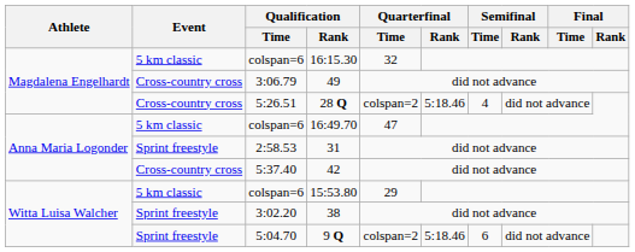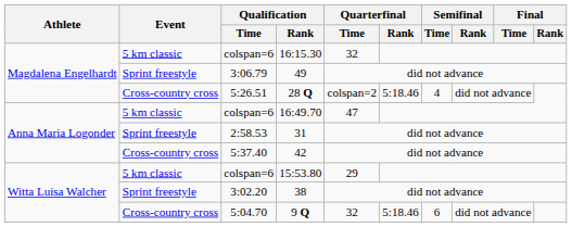 <table class="wikitable" style="font-size:90%">
 <tr>
 <th rowspan="2">Athlete</th>
 <th rowspan="2">Event</th>
 <th colspan="2">Qualification</th>
 <th colspan="2">Quarterfinal</th>
 <th colspan="2">Semifinal</th>
 <th colspan="2">Final</th>
 </tr>
 <tr style="font-size:95%">
 <th>Time</th>
 <th>Rank</th>
 <th>Time</th>
 <th>Rank</th>
 <th>Time</th>
 <th>Rank</th>
 <th>Time</th>
 <th>Rank</th>
 </tr>
 <tr align=center>
 <td align=left rowspan=3><a href='#'>Magdalena Engelhardt</a></td>
 <td align=left><a href='#'>5 km classic</a></td>
 <td>colspan=6 </td>
 <td>16:15.30</td>
 <td>32</td>
 </tr>
 <tr align=center>
-<td align=left><a href='#'>Cross-country cross</a></td>
+<td align=left><a href='#'>Sprint freestyle</a></td>
 <td>3:06.79</td>
 <td>49</td>
 <td colspan=6>did not advance</td>
 </tr>
 <tr align=center>
 <td align=left><a href='#'>Cross-country cross</a></td>
 <td>5:26.51</td>
 <td>28 <strong>Q</strong></td>
 <td>colspan=2 </td>
 <td>5:18.46</td>
 <td>4</td>
 <td colspan=2>did not advance</td>
 </tr>
 <tr align=center>
 <td align=left rowspan=3><a href='#'>Anna Maria Logonder</a></td>
 <td align=left><a href='#'>5 km classic</a></td>
 <td>colspan=6 </td>
 <td>16:49.70</td>
 <td>47</td>
 </tr>
 <tr align=center>
 <td align=left><a href='#'>Sprint freestyle</a></td>
 <td>2:58.53</td>
 <td>31</td>
 <td colspan=6>did not advance</td>
 </tr>
 <tr align=center>
 <td align=left><a href='#'>Cross-country cross</a></td>
 <td>5:37.40</td>
 <td>42</td>
 <td colspan=6>did not advance</td>
 </tr>
 <tr align=center>
 <td align=left rowspan=3><a href='#'>Witta Luisa Walcher</a></td>
 <td align=left><a href='#'>5 km classic</a></td>
 <td>colspan=6 </td>
 <td>15:53.80</td>
 <td>29</td>
 </tr>
 <tr align=center>
 <td align=left><a href='#'>Sprint freestyle</a></td>
 <td>3:02.20</td>
 <td>38</td>
 <td colspan=6>did not advance</td>
 </tr>
 <tr align=center>
-<td align=left><a href='#'>Sprint freestyle</a></td>
+<td align=left><a href='#'>Cross-country cross</a></td>
 <td>5:04.70</td>
 <td>9 <strong>Q</strong></td>
-<td>colspan=2 </td>
+<td>32</td>
 <td>5:18.46</td>
 <td>6</td>
 <td colspan=2>did not advance</td>
 </tr>
 </table>
